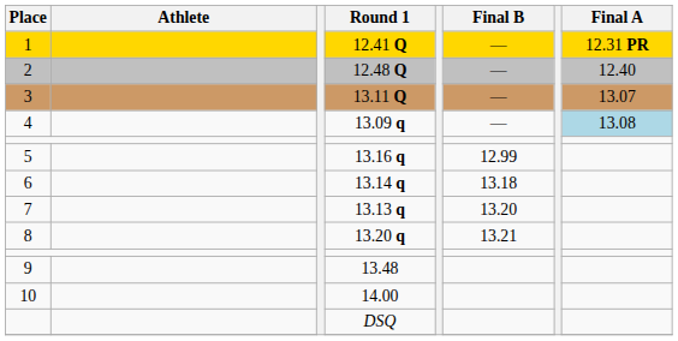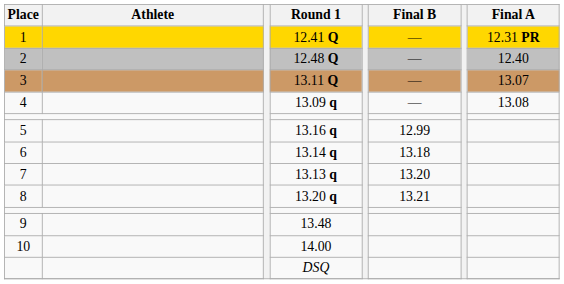 <table class="wikitable" style="text-align:center">
 <tr>
 <th>Place</th>
 <th width=250>Athlete</th>
 <th rowspan=31></th>
 <th width=100>Round 1</th>
 <th rowspan=31></th>
 <th width=100>Final B</th>
 <th rowspan=31></th>
 <th width=100>Final A</th>
 </tr>
 <tr bgcolor=gold>
 <td>1</td>
 <td align=left></td>
 <td>12.41 <strong>Q</strong></td>
 <td>—</td>
 <td>12.31 <strong>PR</strong></td>
 </tr>
 <tr bgcolor=silver>
 <td>2</td>
 <td align=left></td>
 <td>12.48 <strong>Q</strong></td>
 <td>—</td>
 <td>12.40</td>
 </tr>
 <tr bgcolor=cc9966>
 <td>3</td>
 <td align=left></td>
 <td>13.11 <strong>Q</strong></td>
 <td>—</td>
 <td>13.07</td>
 </tr>
 <tr>
 <td>4</td>
 <td align=left></td>
 <td>13.09 <strong>q</strong></td>
 <td>—</td>
-<td style="background: lightblue;">13.08</td>
+<td>13.08</td>
 </tr>
 <tr>
 <td colspan=10></td>
 </tr>
 <tr>
 <td>5</td>
 <td align=left></td>
 <td>13.16 <strong>q</strong></td>
 <td>12.99</td>
 <td></td>
 </tr>
 <tr>
 <td>6</td>
 <td align=left></td>
 <td>13.14 <strong>q</strong></td>
 <td>13.18</td>
 <td></td>
 </tr>
 <tr>
 <td>7</td>
 <td align=left></td>
 <td>13.13 <strong>q</strong></td>
 <td>13.20</td>
 <td></td>
 </tr>
 <tr>
 <td>8</td>
 <td align=left></td>
 <td>13.20 <strong>q</strong></td>
 <td>13.21</td>
 <td></td>
 </tr>
 <tr>
 <td colspan=10></td>
 </tr>
 <tr>
 <td>9</td>
 <td align=left></td>
 <td>13.48</td>
 <td></td>
 <td></td>
 </tr>
 <tr>
 <td>10</td>
 <td align=left></td>
 <td>14.00</td>
 <td></td>
 <td></td>
 </tr>
 <tr>
 <td></td>
 <td align=left></td>
 <td><em>DSQ</em></td>
 <td></td>
 <td></td>
 </tr>
 <tr>
 </tr>
 </table>
